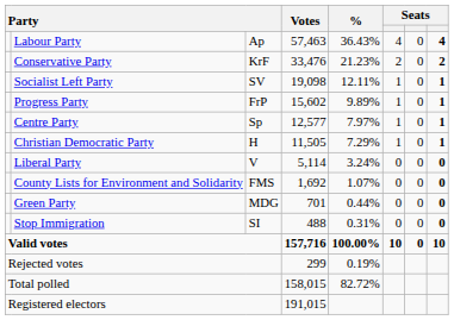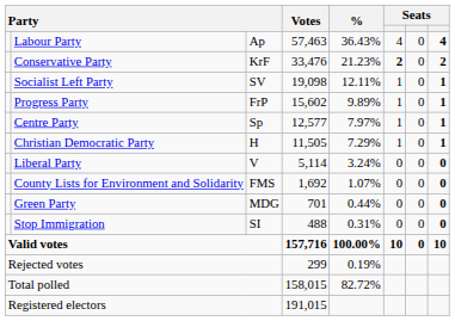 <table class="wikitable" border="1" style="text-align:right;">
 <tr>
 <th style="text-align:left;" valign=bottom rowspan=2 colspan=3>Party</th>
 <th align=center valign=bottom rowspan=2 width="50">Votes</th>
 <th align=center valign=bottom rowspan=2 width="50">%</th>
 <th colspan=3>Seats</th>
 </tr>
 <tr>
 <th align=center valign=bottom width="20"><small></small></th>
 <th align=center valign=bottom width="20"><small><a href='#'></a></small></th>
 <th align=center valign=bottom width="20"><small></small></th>
 </tr>
 <tr>
 <td style="color:inherit;background:"></td>
 <td align=left><a href='#'>Labour Party</a></td>
 <td align=left>Ap</td>
 <td>57,463</td>
 <td>36.43%</td>
 <td>4</td>
 <td>0</td>
 <td><strong>4</strong></td>
 </tr>
 <tr>
 <td style="color:inherit;background:"></td>
 <td align=left><a href='#'>Conservative Party</a></td>
 <td align=left>KrF</td>
 <td>33,476</td>
 <td>21.23%</td>
-<td>2</td>
+<td><strong>2</strong></td>
 <td>0</td>
 <td><strong>2</strong></td>
 </tr>
 <tr>
 <td style="color:inherit;background:"></td>
 <td align=left><a href='#'>Socialist Left Party</a></td>
 <td align=left>SV</td>
 <td>19,098</td>
 <td>12.11%</td>
 <td>1</td>
 <td>0</td>
 <td><strong>1</strong></td>
 </tr>
 <tr>
 <td style="color:inherit;background:"></td>
 <td align=left><a href='#'>Progress Party</a></td>
 <td align=left>FrP</td>
 <td>15,602</td>
 <td>9.89%</td>
 <td>1</td>
 <td>0</td>
 <td><strong>1</strong></td>
 </tr>
 <tr>
 <td style="color:inherit;background:"></td>
 <td align=left><a href='#'>Centre Party</a></td>
 <td align=left>Sp</td>
 <td>12,577</td>
 <td>7.97%</td>
 <td>1</td>
 <td>0</td>
 <td><strong>1</strong></td>
 </tr>
 <tr>
 <td style="color:inherit;background:"></td>
 <td align=left><a href='#'>Christian Democratic Party</a></td>
 <td align=left>H</td>
 <td>11,505</td>
 <td>7.29%</td>
 <td>1</td>
 <td>0</td>
 <td><strong>1</strong></td>
 </tr>
 <tr>
 <td style="color:inherit;background:"></td>
 <td align=left><a href='#'>Liberal Party</a></td>
 <td align=left>V</td>
 <td>5,114</td>
 <td>3.24%</td>
 <td>0</td>
 <td>0</td>
 <td><strong>0</strong></td>
 </tr>
 <tr>
 <td></td>
 <td align=left><a href='#'>County Lists for Environment and Solidarity</a></td>
 <td align=left>FMS</td>
 <td>1,692</td>
 <td>1.07%</td>
 <td>0</td>
 <td>0</td>
 <td><strong>0</strong></td>
 </tr>
 <tr>
 <td style="color:inherit;background:"></td>
 <td align=left><a href='#'>Green Party</a></td>
 <td align=left>MDG</td>
 <td>701</td>
 <td>0.44%</td>
 <td>0</td>
 <td>0</td>
 <td><strong>0</strong></td>
 </tr>
 <tr>
 <td style="color:inherit;background:"></td>
 <td align=left><a href='#'>Stop Immigration</a></td>
 <td align=left>SI</td>
 <td>488</td>
 <td>0.31%</td>
 <td>0</td>
 <td>0</td>
 <td><strong>0</strong></td>
 </tr>
 <tr style="font-weight:bold">
 <td align=left colspan=3>Valid votes</td>
 <td>157,716</td>
 <td>100.00%</td>
 <td>10</td>
 <td>0</td>
 <td>10</td>
 </tr>
 <tr>
 <td align=left colspan=3>Rejected votes</td>
 <td>299</td>
 <td>0.19%</td>
 <td></td>
 <td></td>
 <td></td>
 </tr>
 <tr>
 <td align=left colspan=3>Total polled</td>
 <td>158,015</td>
 <td>82.72%</td>
 <td></td>
 <td></td>
 <td></td>
 </tr>
 <tr>
 <td align=left colspan=3>Registered electors</td>
 <td>191,015</td>
 <td></td>
 <td></td>
 <td></td>
 <td></td>
 </tr>
 </table>
